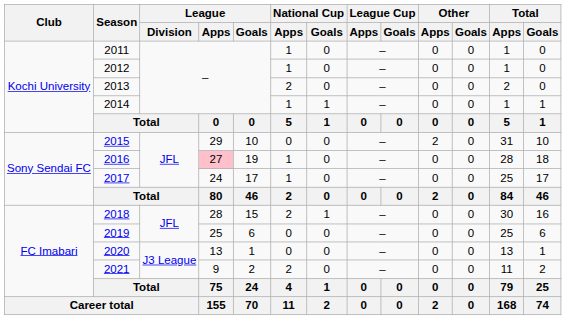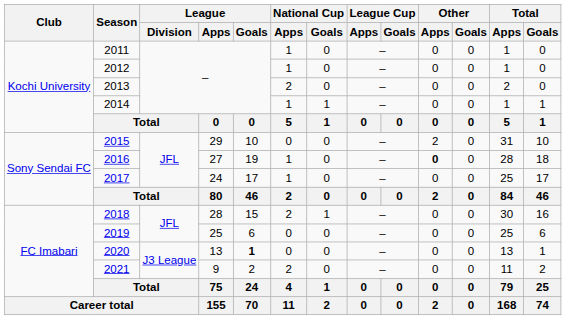 <table class="wikitable" style="text-align: center">
 <tr>
 <th rowspan="2">Club</th>
 <th rowspan="2">Season</th>
 <th colspan="3">League</th>
 <th colspan="2">National Cup</th>
 <th colspan="2">League Cup</th>
 <th colspan="2">Other</th>
 <th colspan="2">Total</th>
 </tr>
 <tr>
 <th>Division</th>
 <th>Apps</th>
 <th>Goals</th>
 <th>Apps</th>
 <th>Goals</th>
 <th>Apps</th>
 <th>Goals</th>
 <th>Apps</th>
 <th>Goals</th>
 <th>Apps</th>
 <th>Goals</th>
 </tr>
 <tr>
 <td rowspan="5"><a href='#'>Kochi University</a></td>
 <td>2011</td>
 <td colspan="3" rowspan="4">–</td>
 <td>1</td>
 <td>0</td>
 <td colspan="2">–</td>
 <td>0</td>
 <td>0</td>
 <td>1</td>
 <td>0</td>
 </tr>
 <tr>
 <td>2012</td>
 <td>1</td>
 <td>0</td>
 <td colspan="2">–</td>
 <td>0</td>
 <td>0</td>
 <td>1</td>
 <td>0</td>
 </tr>
 <tr>
 <td>2013</td>
 <td>2</td>
 <td>0</td>
 <td colspan="2">–</td>
 <td>0</td>
 <td>0</td>
 <td>2</td>
 <td>0</td>
 </tr>
 <tr>
 <td>2014</td>
 <td>1</td>
 <td>1</td>
 <td colspan="2">–</td>
 <td>0</td>
 <td>0</td>
 <td>1</td>
 <td>1</td>
 </tr>
 <tr>
 <th colspan=2>Total</th>
 <th>0</th>
 <th>0</th>
 <th>5</th>
 <th>1</th>
 <th>0</th>
 <th>0</th>
 <th>0</th>
 <th>0</th>
 <th>5</th>
 <th>1</th>
 </tr>
 <tr>
 <td rowspan="4"><a href='#'>Sony Sendai FC</a></td>
 <td><a href='#'>2015</a></td>
 <td rowspan="3"><a href='#'>JFL</a></td>
 <td>29</td>
 <td>10</td>
 <td>0</td>
 <td>0</td>
 <td colspan="2">–</td>
 <td>2</td>
 <td>0</td>
 <td>31</td>
 <td>10</td>
 </tr>
 <tr>
 <td><a href='#'>2016</a></td>
-<td style="background: pink;">27</td>
+<td>27</td>
 <td>19</td>
 <td>1</td>
 <td>0</td>
 <td colspan="2">–</td>
-<td>0</td>
+<td><strong>0</strong></td>
 <td>0</td>
 <td>28</td>
 <td>18</td>
 </tr>
 <tr>
 <td><a href='#'>2017</a></td>
 <td>24</td>
 <td>17</td>
 <td>1</td>
 <td>0</td>
 <td colspan="2">–</td>
 <td>0</td>
 <td>0</td>
 <td>25</td>
 <td>17</td>
 </tr>
 <tr>
 <th colspan=2>Total</th>
 <th>80</th>
 <th>46</th>
 <th>2</th>
 <th>0</th>
 <th>0</th>
 <th>0</th>
 <th>2</th>
 <th>0</th>
 <th>84</th>
 <th>46</th>
 </tr>
 <tr>
 <td rowspan="5"><a href='#'>FC Imabari</a></td>
 <td><a href='#'>2018</a></td>
 <td rowspan="2"><a href='#'>JFL</a></td>
 <td>28</td>
 <td>15</td>
 <td>2</td>
 <td>1</td>
 <td colspan="2">–</td>
 <td>0</td>
 <td>0</td>
 <td>30</td>
 <td>16</td>
 </tr>
 <tr>
 <td><a href='#'>2019</a></td>
 <td>25</td>
 <td>6</td>
 <td>0</td>
 <td>0</td>
 <td colspan="2">–</td>
 <td>0</td>
 <td>0</td>
 <td>25</td>
 <td>6</td>
 </tr>
 <tr>
 <td><a href='#'>2020</a></td>
 <td rowspan="2"><a href='#'>J3 League</a></td>
 <td>13</td>
-<td>1</td>
+<td><strong>1</strong></td>
 <td>0</td>
 <td>0</td>
 <td colspan="2">–</td>
 <td>0</td>
 <td>0</td>
 <td>13</td>
 <td>1</td>
 </tr>
 <tr>
 <td><a href='#'>2021</a></td>
 <td>9</td>
 <td>2</td>
 <td>2</td>
 <td>0</td>
 <td colspan="2">–</td>
 <td>0</td>
 <td>0</td>
 <td>11</td>
 <td>2</td>
 </tr>
 <tr>
 <th colspan=2>Total</th>
 <th>75</th>
 <th>24</th>
 <th>4</th>
 <th>1</th>
 <th>0</th>
 <th>0</th>
 <th>0</th>
 <th>0</th>
 <th>79</th>
 <th>25</th>
 </tr>
 <tr>
 <th colspan=3>Career total</th>
 <th>155</th>
 <th>70</th>
 <th>11</th>
 <th>2</th>
 <th>0</th>
 <th>0</th>
 <th>2</th>
 <th>0</th>
 <th>168</th>
 <th>74</th>
 </tr>
 </table>
